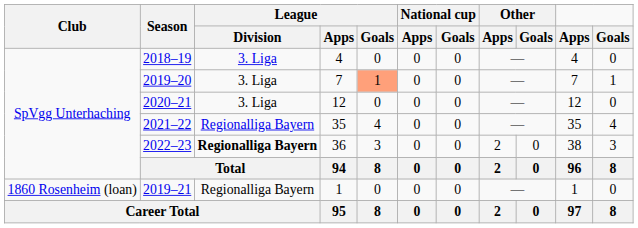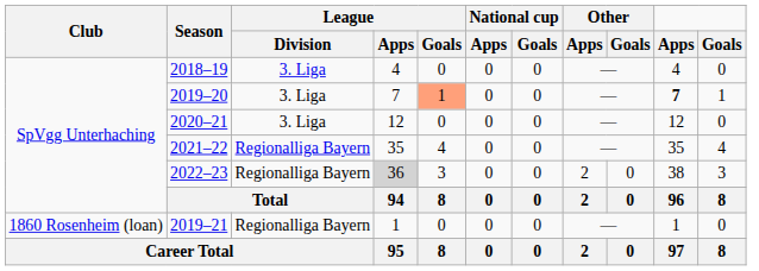 <table class="wikitable" Style="text-align: center">
 <tr>
 <th rowspan="2">Club</th>
 <th rowspan="2">Season</th>
 <th colspan="3">League</th>
 <th colspan="2">National cup</th>
 <th colspan="2">Other</th>
 </tr>
 <tr>
 <th>Division</th>
 <th>Apps</th>
 <th>Goals</th>
 <th>Apps</th>
 <th>Goals</th>
 <th>Apps</th>
 <th>Goals</th>
 <th>Apps</th>
 <th>Goals</th>
 </tr>
 <tr>
 <td rowspan="6"><a href='#'>SpVgg Unterhaching</a></td>
 <td><a href='#'>2018–19</a></td>
 <td><a href='#'>3. Liga</a></td>
 <td>4</td>
 <td>0</td>
 <td>0</td>
 <td>0</td>
 <td colspan="2">—</td>
 <td>4</td>
 <td>0</td>
 </tr>
 <tr>
 <td><a href='#'>2019–20</a></td>
 <td>3. Liga</td>
 <td>7</td>
 <td style="background: lightsalmon;">1</td>
 <td>0</td>
 <td>0</td>
 <td colspan="2">—</td>
-<td>7</td>
+<td><strong>7</strong></td>
 <td>1</td>
 </tr>
 <tr>
 <td><a href='#'>2020–21</a></td>
 <td>3. Liga</td>
 <td>12</td>
 <td>0</td>
 <td>0</td>
 <td>0</td>
 <td colspan="2">—</td>
 <td>12</td>
 <td>0</td>
 </tr>
 <tr>
 <td><a href='#'>2021–22</a></td>
 <td><a href='#'>Regionalliga Bayern</a></td>
 <td>35</td>
 <td>4</td>
 <td>0</td>
 <td>0</td>
 <td colspan="2">—</td>
 <td>35</td>
 <td>4</td>
 </tr>
 <tr>
 <td><a href='#'>2022–23</a></td>
-<td><strong>Regionalliga Bayern</strong></td>
-<td>36</td>
+<td>Regionalliga Bayern</td>
+<td style="background: lightgrey;">36</td>
 <td>3</td>
 <td>0</td>
 <td>0</td>
 <td>2</td>
 <td>0</td>
 <td>38</td>
 <td>3</td>
 </tr>
 <tr>
 <th colspan="2">Total</th>
 <th>94</th>
 <th>8</th>
 <th>0</th>
 <th>0</th>
 <th>2</th>
 <th>0</th>
 <th>96</th>
 <th>8</th>
 </tr>
 <tr>
 <td><a href='#'>1860 Rosenheim</a> (loan)</td>
 <td><a href='#'>2019–21</a></td>
 <td>Regionalliga Bayern</td>
 <td>1</td>
 <td>0</td>
 <td>0</td>
 <td>0</td>
 <td colspan="2">—</td>
 <td>1</td>
 <td>0</td>
 </tr>
 <tr>
 <th colspan="3">Career Total</th>
 <th>95</th>
 <th>8</th>
 <th>0</th>
 <th>0</th>
 <th>2</th>
 <th>0</th>
 <th>97</th>
 <th>8</th>
 </tr>
 </table>
